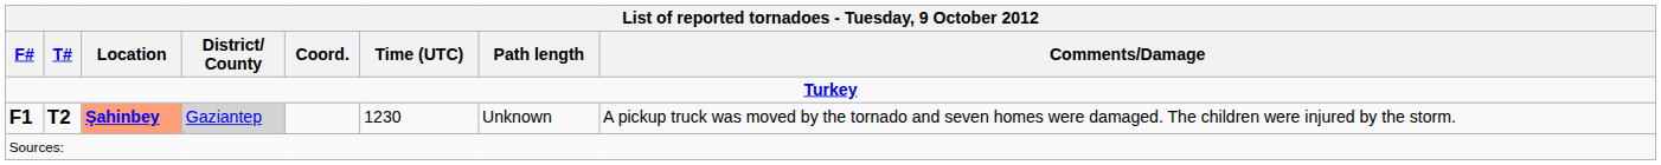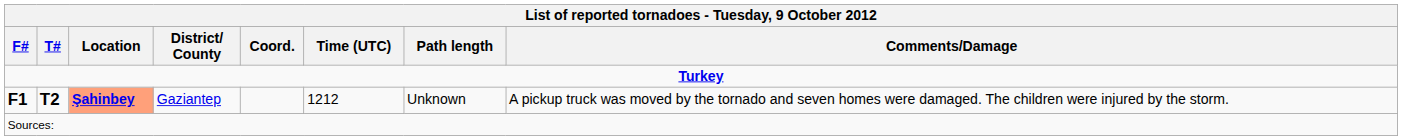 <table class="wikitable collapsible" width="100%">
 <tr>
 <th colspan="8">List of reported tornadoes - Tuesday, 9 October 2012</th>
 </tr>
 <tr>
 <th><a href='#'>F#</a></th>
 <th><a href='#'>T#</a></th>
 <th>Location</th>
 <th>District/<br>County</th>
 <th>Coord.</th>
 <th>Time (UTC)</th>
 <th>Path length</th>
 <th>Comments/Damage</th>
 </tr>
 <tr>
 <td colspan="8" align=center><strong><a href='#'>Turkey</a></strong></td>
 </tr>
 <tr>
 <td><big><strong>F1</strong></big></td>
 <td><big><strong>T2</strong></big></td>
 <td style="background: lightsalmon;"><strong><a href='#'>Şahinbey</a></strong></td>
-<td style="background: lightgrey;"><a href='#'>Gaziantep</a></td>
+<td><a href='#'>Gaziantep</a></td>
 <td></td>
-<td>1230</td>
+<td>1212</td>
 <td>Unknown</td>
 <td>A pickup truck was moved by the tornado and seven homes were damaged. The children were injured by the storm.</td>
 </tr>
 <tr>
 <td colspan="8"><small>Sources:  </small></td>
 </tr>
 </table>
